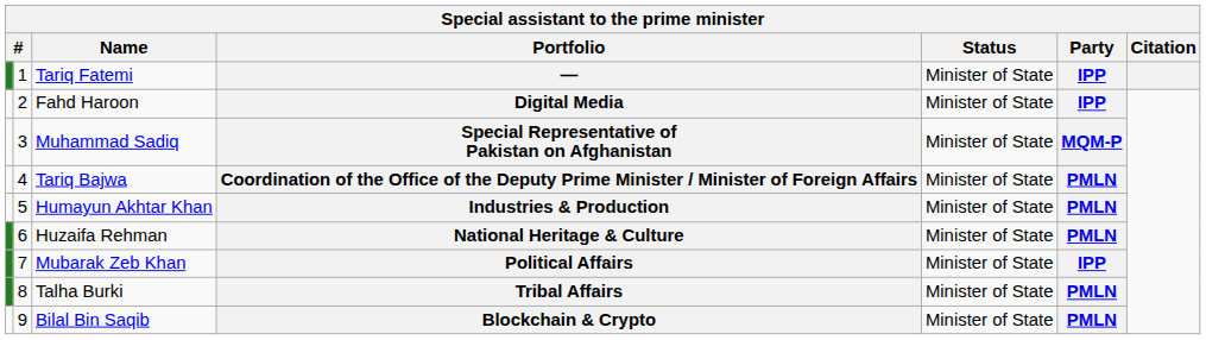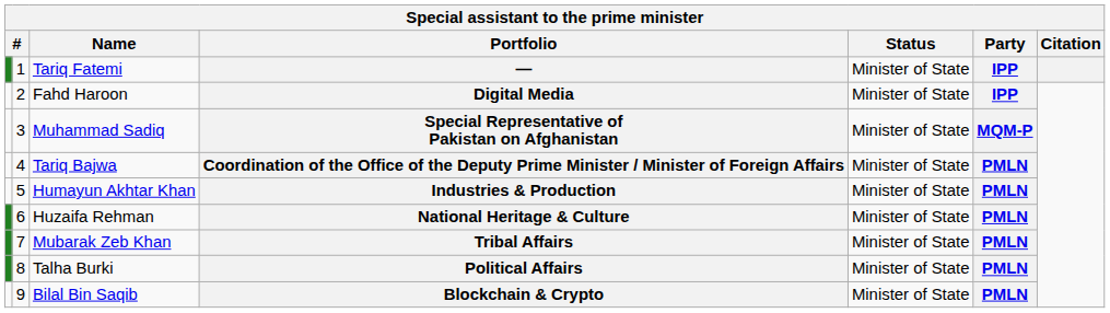 <table class="wikitable sortable">
 <tr>
 <th colspan="7">Special assistant to the prime minister</th>
 </tr>
 <tr>
 <th colspan="2">#</th>
 <th>Name</th>
 <th>Portfolio</th>
 <th>Status</th>
 <th>Party</th>
 <th>Citation</th>
 </tr>
 <tr>
 <td align=center style="background-color: #207F20"></td>
 <td>1</td>
 <td><a href='#'>Tariq Fatemi</a></td>
 <th>—</th>
 <td>Minister of State</td>
 <th><a href='#'>IPP</a></th>
 <th></th>
 </tr>
 <tr>
 <td align=center style="background-color: "></td>
 <td>2</td>
 <td>Fahd Haroon</td>
 <th>Digital Media</th>
 <td>Minister of State</td>
 <th><a href='#'>IPP</a></th>
 </tr>
 <tr>
 <td align=center style="background-color: "></td>
 <td>3</td>
 <td><a href='#'>Muhammad Sadiq</a></td>
 <th>Special Representative of<br>Pakistan on Afghanistan</th>
 <td>Minister of State</td>
 <th><a href='#'>MQM-P</a></th>
 </tr>
 <tr>
 <td align=center style="background-color: "></td>
 <td>4</td>
 <td><a href='#'>Tariq Bajwa</a></td>
 <th>Coordination of the Office of the Deputy Prime Minister / Minister of Foreign Affairs</th>
 <td>Minister of State</td>
 <th><a href='#'>PMLN</a></th>
 </tr>
 <tr>
 <td align=center style="background-color:"></td>
 <td>5</td>
 <td><a href='#'>Humayun Akhtar Khan</a></td>
 <th>Industries & Production</th>
 <td>Minister of State</td>
 <th><a href='#'>PMLN</a></th>
 </tr>
 <tr>
 <td align=center style="background-color: #207F20"></td>
 <td>6</td>
 <td>Huzaifa Rehman</td>
 <th>National Heritage & Culture</th>
 <td>Minister of State</td>
 <th><a href='#'>PMLN</a></th>
 </tr>
 <tr>
 <td align=center style="background-color: #207F20"></td>
 <td>7</td>
 <td><a href='#'>Mubarak Zeb Khan</a></td>
-<th>Political Affairs</th>
+<th>Tribal Affairs</th>
 <td>Minister of State</td>
-<th><a href='#'>IPP</a></th>
+<th><a href='#'>PMLN</a></th>
 </tr>
 <tr>
 <td align=center style="background-color: #207F20"></td>
 <td>8</td>
 <td>Talha Burki</td>
-<th>Tribal Affairs</th>
+<th>Political Affairs</th>
 <td>Minister of State</td>
 <th><a href='#'>PMLN</a></th>
 </tr>
 <tr>
 <td align=center style="background-color: "></td>
 <td>9</td>
 <td><a href='#'>Bilal Bin Saqib</a></td>
 <th>Blockchain & Crypto</th>
 <td>Minister of State</td>
 <th><a href='#'>PMLN</a></th>
 </tr>
 </table>
